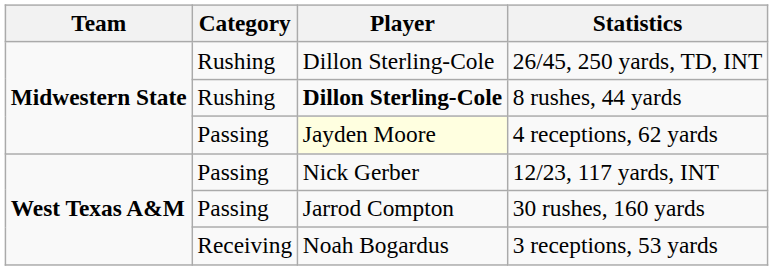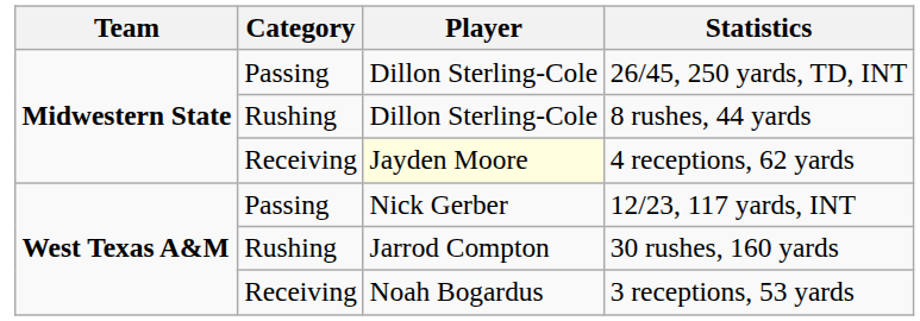 <table class="wikitable" style="float: right;">
 <tr>
 <th>Team</th>
 <th>Category</th>
 <th>Player</th>
 <th>Statistics</th>
 </tr>
 <tr>
 <td rowspan=3><strong>Midwestern State</strong></td>
-<td>Rushing</td>
+<td>Passing</td>
 <td>Dillon Sterling-Cole</td>
 <td>26/45, 250 yards, TD, INT</td>
 </tr>
 <tr>
 <td>Rushing</td>
-<td><strong>Dillon Sterling-Cole</strong></td>
+<td>Dillon Sterling-Cole</td>
 <td>8 rushes, 44 yards</td>
 </tr>
 <tr>
-<td>Passing</td>
+<td>Receiving</td>
 <td style="background: lightyellow;">Jayden Moore</td>
 <td>4 receptions, 62 yards</td>
 </tr>
 <tr>
 <td rowspan=3><strong>West Texas A&M</strong></td>
 <td>Passing</td>
 <td>Nick Gerber</td>
 <td>12/23, 117 yards, INT</td>
 </tr>
 <tr>
-<td>Passing</td>
+<td>Rushing</td>
 <td>Jarrod Compton</td>
 <td>30 rushes, 160 yards</td>
 </tr>
 <tr>
 <td>Receiving</td>
 <td>Noah Bogardus</td>
 <td>3 receptions, 53 yards</td>
 </tr>
 </table>
